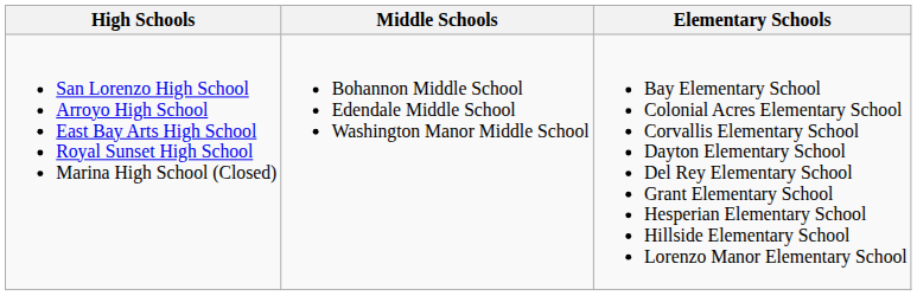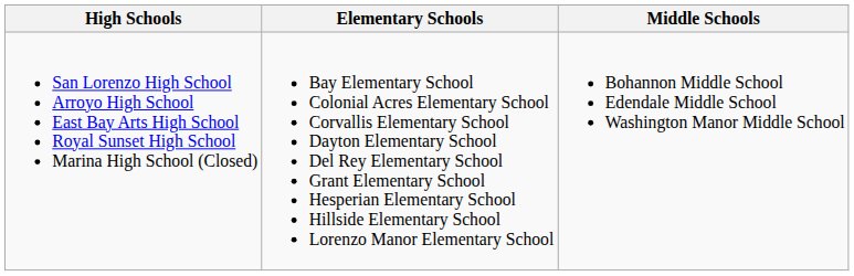 <table class="wikitable">
 <tr>
 <th>High Schools</th>
+<th>Elementary Schools</th>
 <th>Middle Schools</th>
-<th>Elementary Schools</th>
 </tr>
 <tr>
 <td valign="top"><br><ul><li><a href='#'>San Lorenzo High School</a></li><li><a href='#'>Arroyo High School</a></li><li><a href='#'>East Bay Arts High School</a></li><li><a href='#'>Royal Sunset High School</a></li><li>Marina High School (Closed)</li></ul></td>
+<td valign="top"><br><ul><li>Bay Elementary School</li><li>Colonial Acres Elementary School</li><li>Corvallis Elementary School</li><li>Dayton Elementary School</li><li>Del Rey Elementary School</li><li>Grant Elementary School</li><li>Hesperian Elementary School</li><li>Hillside Elementary School</li><li>Lorenzo Manor Elementary School</li></ul></td>
 <td valign="top"><br><ul><li>Bohannon Middle School</li><li>Edendale Middle School</li><li>Washington Manor Middle School</li></ul></td>
-<td valign="top"><br><ul><li>Bay Elementary School</li><li>Colonial Acres Elementary School</li><li>Corvallis Elementary School</li><li>Dayton Elementary School</li><li>Del Rey Elementary School</li><li>Grant Elementary School</li><li>Hesperian Elementary School</li><li>Hillside Elementary School</li><li>Lorenzo Manor Elementary School</li></ul></td>
 </tr>
 </table>
